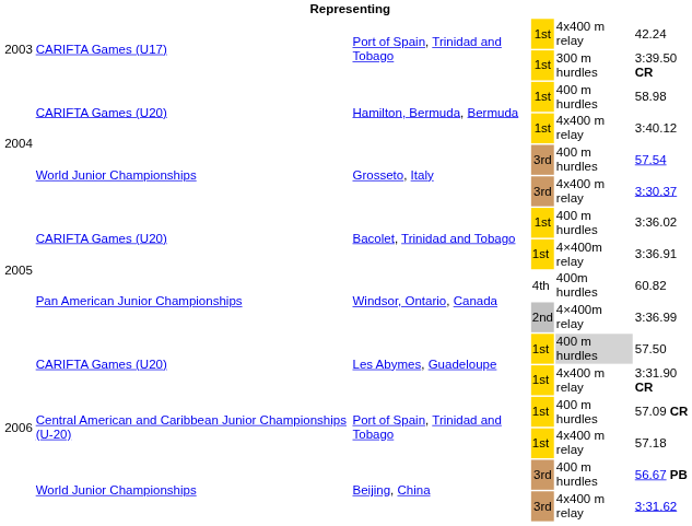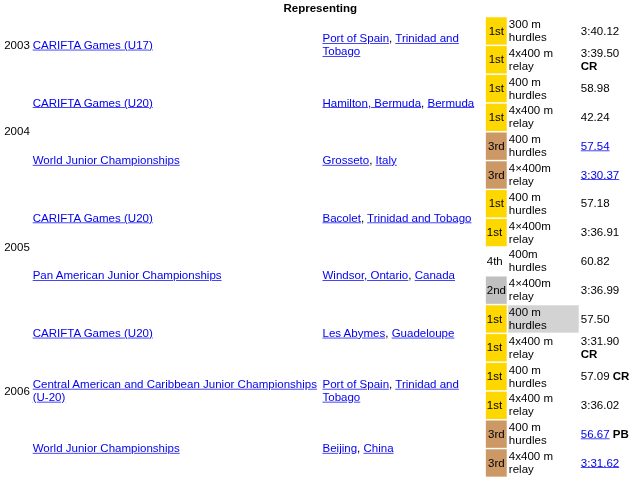 <table>
 <tr>
 <th colspan="6">Representing </th>
 </tr>
 <tr>
 <td rowspan = "2">2003</td>
 <td rowspan = "2"><a href='#'>CARIFTA Games (U17)</a></td>
 <td rowspan = "2"><a href='#'>Port of Spain</a>, <a href='#'>Trinidad and Tobago</a></td>
 <td bgcolor="gold" align="center">1st</td>
-<td>4x400 m relay</td>
-<td>42.24</td>
+<td>300 m hurdles</td>
+<td>3:40.12</td>
 </tr>
 <tr>
 <td bgcolor="gold" align="center">1st</td>
-<td>300 m hurdles</td>
+<td>4x400 m relay</td>
 <td>3:39.50 <strong>CR</strong></td>
 </tr>
 <tr>
 <td rowspan = "4">2004</td>
 <td rowspan = "2"><a href='#'>CARIFTA Games (U20)</a></td>
 <td rowspan = "2"><a href='#'>Hamilton, Bermuda</a>, <a href='#'>Bermuda</a></td>
 <td bgcolor="gold" align="center">1st</td>
 <td>400 m hurdles</td>
 <td>58.98</td>
 </tr>
 <tr>
 <td bgcolor="gold" align="center">1st</td>
 <td>4x400 m relay</td>
-<td>3:40.12</td>
+<td>42.24</td>
 </tr>
 <tr>
 <td rowspan = "2"><a href='#'>World Junior Championships</a></td>
 <td rowspan = "2"><a href='#'>Grosseto</a>, <a href='#'>Italy</a></td>
 <td bgcolor="cc9966" align="center">3rd</td>
 <td>400 m hurdles</td>
 <td><a href='#'>57.54</a></td>
 </tr>
 <tr>
 <td bgcolor="cc9966" align="center">3rd</td>
-<td>4x400 m relay</td>
+<td>4×400m relay</td>
 <td><a href='#'>3:30.37</a></td>
 </tr>
 <tr>
 <td rowspan=4>2005</td>
 <td rowspan=2><a href='#'>CARIFTA Games (U20)</a></td>
 <td rowspan=2><a href='#'>Bacolet</a>, <a href='#'>Trinidad and Tobago</a></td>
 <td bgcolor=gold align="center">1st</td>
 <td>400 m hurdles</td>
-<td>3:36.02</td>
+<td>57.18</td>
 </tr>
 <tr>
 <td bgcolor=gold>1st</td>
 <td>4×400m relay</td>
 <td>3:36.91</td>
 </tr>
 <tr>
 <td rowspan=2><a href='#'>Pan American Junior Championships</a></td>
 <td rowspan=2><a href='#'>Windsor, Ontario</a>, <a href='#'>Canada</a></td>
 <td>4th</td>
 <td>400m hurdles</td>
 <td>60.82</td>
 </tr>
 <tr>
 <td bgcolor=silver>2nd</td>
 <td>4×400m relay</td>
 <td>3:36.99</td>
 </tr>
 <tr>
 <td rowspan = "6">2006</td>
 <td rowspan = "2"><a href='#'>CARIFTA Games (U20)</a></td>
 <td rowspan = "2"><a href='#'>Les Abymes</a>, <a href='#'>Guadeloupe</a></td>
 <td bgcolor=gold>1st</td>
 <td style="background: lightgrey;">400 m hurdles</td>
 <td>57.50</td>
 </tr>
 <tr>
 <td bgcolor=gold>1st</td>
 <td>4x400 m relay</td>
 <td>3:31.90 <strong>CR</strong></td>
 </tr>
 <tr>
 <td rowspan = "2"><a href='#'>Central American and Caribbean Junior Championships (U-20)</a></td>
 <td rowspan = "2"><a href='#'>Port of Spain</a>, <a href='#'>Trinidad and Tobago</a></td>
 <td bgcolor=gold>1st</td>
 <td>400 m hurdles</td>
 <td>57.09 <strong>CR</strong></td>
 </tr>
 <tr>
 <td bgcolor=gold>1st</td>
 <td>4x400 m relay</td>
-<td>57.18</td>
+<td>3:36.02</td>
 </tr>
 <tr>
 <td rowspan = "2"><a href='#'>World Junior Championships</a></td>
 <td rowspan = "2"><a href='#'>Beijing</a>, <a href='#'>China</a></td>
 <td bgcolor="cc9966" align="center">3rd</td>
 <td>400 m hurdles</td>
 <td><a href='#'>56.67</a> <strong>PB</strong></td>
 </tr>
 <tr>
 <td bgcolor="cc9966" align="center">3rd</td>
 <td>4x400 m relay</td>
 <td><a href='#'>3:31.62</a></td>
 </tr>
 </table>
